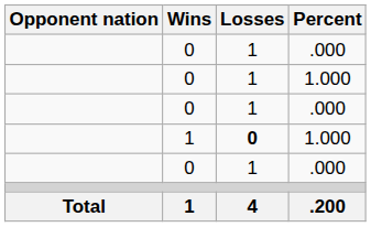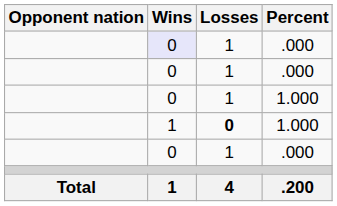 <table class=wikitable>
 <tr>
 <th>Opponent nation</th>
 <th>Wins</th>
 <th>Losses</th>
 <th>Percent</th>
+</tr>
+<tr align=center>
+<td align=left></td>
+<td style="background: lavender;">0</td>
+<td>1</td>
+<td>.000</td>
 </tr>
 <tr align=center>
 <td align=left></td>
 <td>0</td>
 <td>1</td>
 <td>.000</td>
 </tr>
 <tr align=center>
 <td align=left></td>
 <td>0</td>
 <td>1</td>
 <td>1.000</td>
-</tr>
-<tr align=center>
-<td align=left></td>
-<td>0</td>
-<td>1</td>
-<td>.000</td>
 </tr>
 <tr align=center>
 <td align=left></td>
 <td>1</td>
 <td><strong>0</strong></td>
 <td>1.000</td>
 </tr>
 <tr align=center>
 <td align=left></td>
 <td>0</td>
 <td>1</td>
 <td>.000</td>
 </tr>
 <tr>
 <td colspan=4 bgcolor=lightgray></td>
 </tr>
 <tr>
 <th>Total</th>
 <th>1</th>
 <th>4</th>
 <th>.200</th>
 </tr>
 </table>
